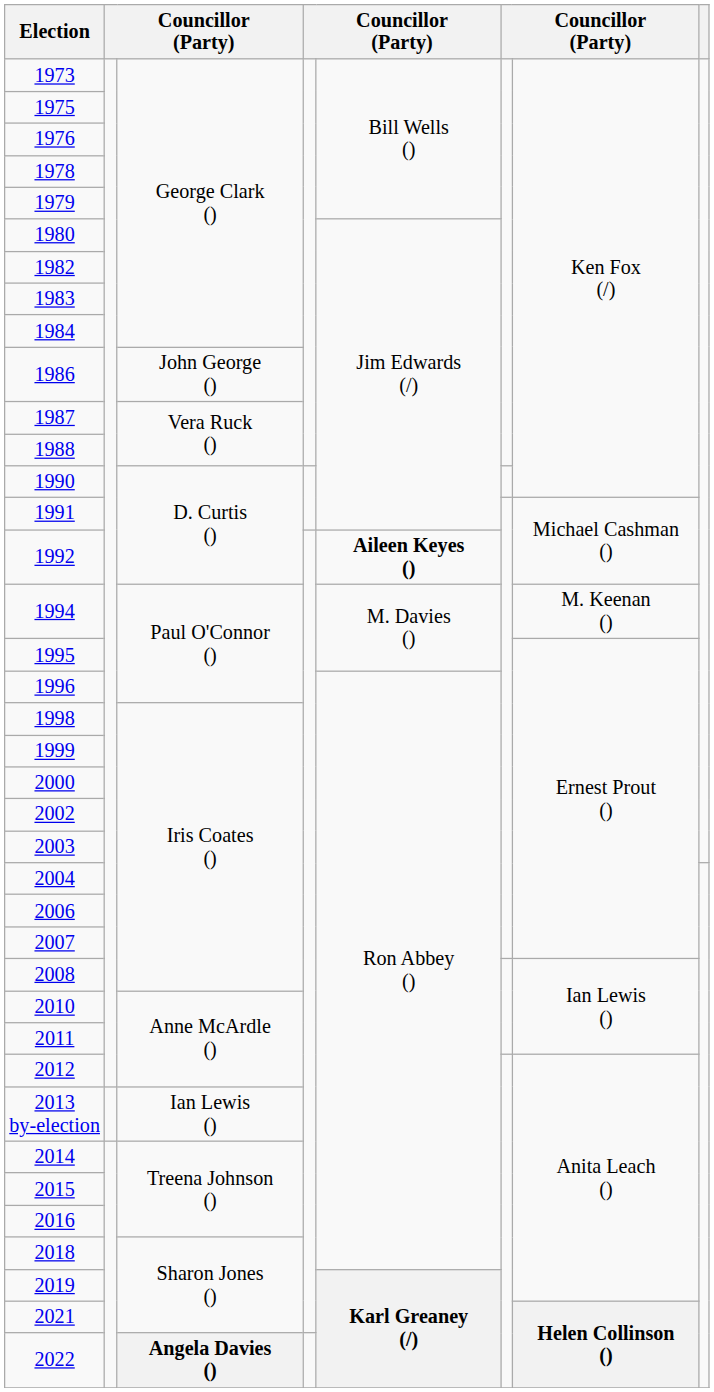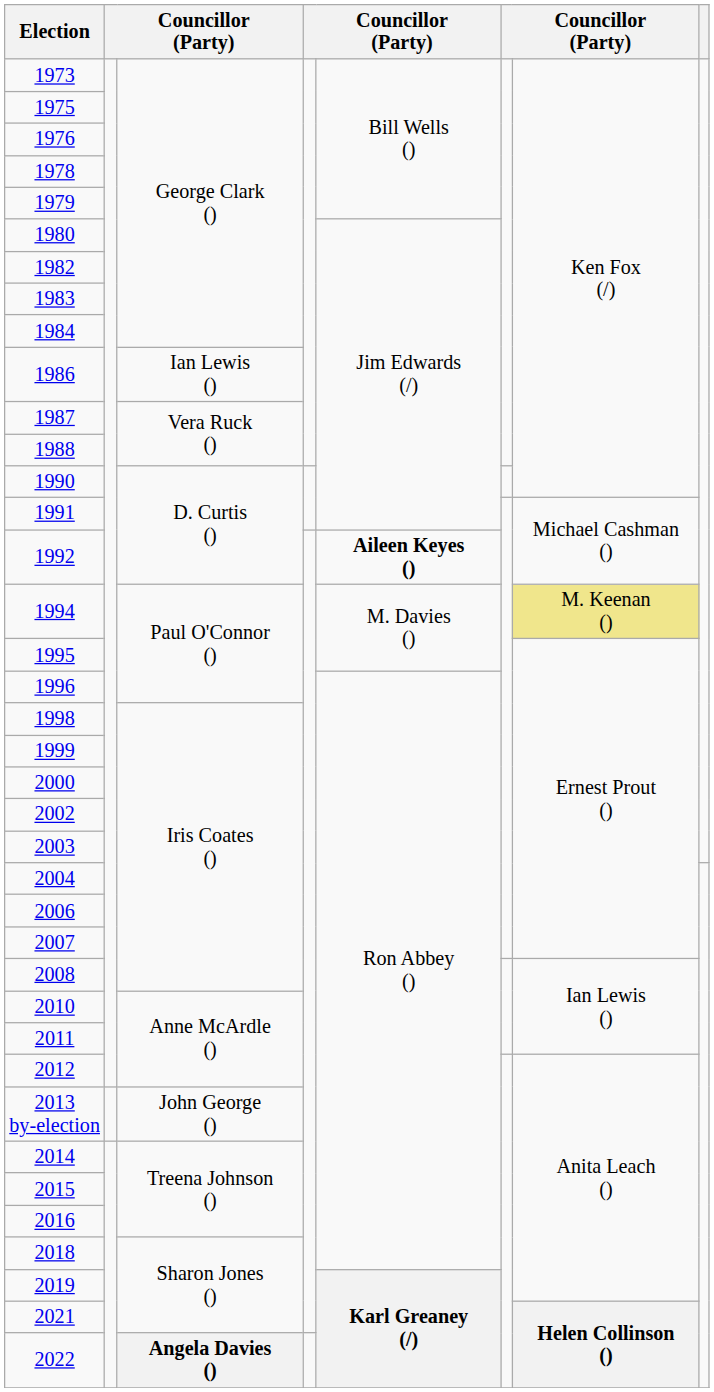 <table class="wikitable" style="text-align:center">
 <tr>
 <th>Election</th>
 <th scope="col" width="150" colspan = "2">Councillor<br> (Party)</th>
 <th scope="col" width="150" colspan = "2">Councillor<br> (Party)</th>
 <th scope="col" width="150" colspan = "2">Councillor<br> (Party)</th>
 <th></th>
 </tr>
 <tr>
 <td><a href='#'>1973</a></td>
 <td rowspan=30 style="background-color: "></td>
 <td rowspan=9>George Clark<br>(<a href='#'></a>)</td>
 <td rowspan=12 style="background-color: "></td>
 <td rowspan=5>Bill Wells<br>(<a href='#'></a>)</td>
 <td rowspan=12 style="background-color: "></td>
 <td rowspan=13>Ken Fox<br>(<a href='#'></a>/<a href='#'></a>)</td>
 <td rowspan=23></td>
 </tr>
 <tr>
 <td><a href='#'>1975</a></td>
 </tr>
 <tr>
 <td><a href='#'>1976</a></td>
 </tr>
 <tr>
 <td><a href='#'>1978</a></td>
 </tr>
 <tr>
 <td><a href='#'>1979</a></td>
 </tr>
 <tr>
 <td><a href='#'>1980</a></td>
 <td rowspan=9>Jim Edwards<br>(<a href='#'></a>/<a href='#'></a>)</td>
 </tr>
 <tr>
 <td><a href='#'>1982</a></td>
 </tr>
 <tr>
 <td><a href='#'>1983</a></td>
 </tr>
 <tr>
 <td><a href='#'>1984</a></td>
 </tr>
 <tr>
 <td><a href='#'>1986</a></td>
-<td>John George<br>(<a href='#'></a>)</td>
+<td>Ian Lewis<br>(<a href='#'></a>)</td>
 </tr>
 <tr>
 <td><a href='#'>1987</a></td>
 <td rowspan=2>Vera Ruck<br>(<a href='#'></a>)</td>
 </tr>
 <tr>
 <td><a href='#'>1988</a></td>
 </tr>
 <tr>
 <td><a href='#'>1990</a></td>
 <td rowspan=3>D. Curtis<br>(<a href='#'></a>)</td>
 <td rowspan=2 style="background-color: "></td>
 <td style="background-color: "></td>
 </tr>
 <tr>
 <td><a href='#'>1991</a></td>
 <td rowspan=13 style="background-color: "></td>
 <td rowspan=2>Michael Cashman<br>(<a href='#'></a>)</td>
 </tr>
 <tr>
 <td><a href='#'>1992</a></td>
 <td rowspan=23 style="background-color: "></td>
 <td><strong>Aileen Keyes<br>(<a href='#'></a>)</strong></td>
 </tr>
 <tr>
 <td><a href='#'>1994</a></td>
 <td rowspan=3>Paul O'Connor<br>(<a href='#'></a>)</td>
 <td rowspan=2>M. Davies<br>(<a href='#'></a>)</td>
-<td>M. Keenan<br>(<a href='#'></a>)</td>
+<td style="background: khaki;">M. Keenan<br>(<a href='#'></a>)</td>
 </tr>
 <tr>
 <td><a href='#'>1995</a></td>
 <td rowspan=10>Ernest Prout<br>(<a href='#'></a>)</td>
 </tr>
 <tr>
 <td><a href='#'>1996</a></td>
 <td rowspan=18>Ron Abbey<br>(<a href='#'></a>)</td>
 </tr>
 <tr>
 <td><a href='#'>1998</a></td>
 <td rowspan=9>Iris Coates<br>(<a href='#'></a>)</td>
 </tr>
 <tr>
 <td><a href='#'>1999</a></td>
 </tr>
 <tr>
 <td><a href='#'>2000</a></td>
 </tr>
 <tr>
 <td><a href='#'>2002</a></td>
 </tr>
 <tr>
 <td><a href='#'>2003</a></td>
 </tr>
 <tr>
 <td><a href='#'>2004</a></td>
 <td rowspan=15></td>
 </tr>
 <tr>
 <td><a href='#'>2006</a></td>
 </tr>
 <tr>
 <td><a href='#'>2007</a></td>
 </tr>
 <tr>
 <td><a href='#'>2008</a></td>
 <td rowspan=3 style="background-color: "></td>
 <td rowspan=3>Ian Lewis<br>(<a href='#'></a>)</td>
 </tr>
 <tr>
 <td><a href='#'>2010</a></td>
 <td rowspan=3>Anne McArdle<br>(<a href='#'></a>)</td>
 </tr>
 <tr>
 <td><a href='#'>2011</a></td>
 </tr>
 <tr>
 <td><a href='#'>2012</a></td>
 <td rowspan=9 style="background-color: "></td>
 <td rowspan=7>Anita Leach<br>(<a href='#'></a>)</td>
 </tr>
 <tr>
 <td><a href='#'>2013<br>by-election</a></td>
 <td style="background-color: "></td>
-<td>Ian Lewis<br>(<a href='#'></a>)</td>
+<td>John George<br>(<a href='#'></a>)</td>
 </tr>
 <tr>
 <td><a href='#'>2014</a></td>
 <td rowspan=7 style="background-color: "></td>
 <td rowspan=3>Treena Johnson<br>(<a href='#'></a>)</td>
 </tr>
 <tr>
 <td><a href='#'>2015</a></td>
 </tr>
 <tr>
 <td><a href='#'>2016</a></td>
 </tr>
 <tr>
 <td><a href='#'>2018</a></td>
 <td rowspan=3>Sharon Jones<br>(<a href='#'></a>)</td>
 </tr>
 <tr>
 <td><a href='#'>2019</a></td>
 <th rowspan=3>Karl Greaney<br>(<a href='#'></a>/<a href='#'></a>)</th>
 </tr>
 <tr>
 <td><a href='#'>2021</a></td>
 <th rowspan=2>Helen Collinson<br>(<a href='#'></a>)</th>
 </tr>
 <tr>
 <td><a href='#'>2022</a></td>
 <th rowspan=1>Angela Davies<br>(<a href='#'></a>)</th>
 <td style="background-color: "></td>
 </tr>
 <tr>
 </tr>
 </table>
